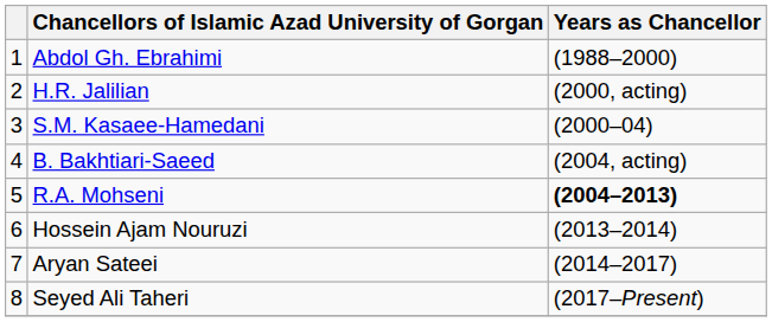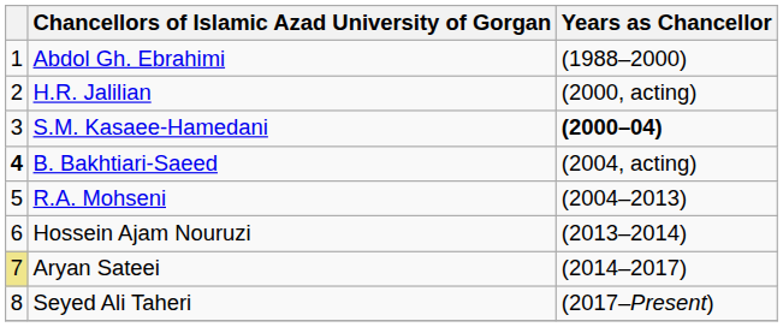 <table class="wikitable">
 <tr>
 <th></th>
 <th>Chancellors of Islamic Azad University of Gorgan</th>
 <th>Years as Chancellor</th>
 </tr>
 <tr>
 <td>1</td>
 <td><a href='#'>Abdol Gh. Ebrahimi</a></td>
 <td>(1988–2000)</td>
 </tr>
 <tr>
 <td>2</td>
 <td><a href='#'>H.R. Jalilian</a></td>
 <td>(2000, acting)</td>
 </tr>
 <tr>
 <td>3</td>
 <td><a href='#'>S.M. Kasaee-Hamedani</a></td>
-<td>(2000–04)</td>
+<td><strong>(2000–04)</strong></td>
 </tr>
 <tr>
-<td>4</td>
+<td><strong>4</strong></td>
 <td><a href='#'>B. Bakhtiari-Saeed</a></td>
 <td>(2004, acting)</td>
 </tr>
 <tr>
 <td>5</td>
 <td><a href='#'>R.A. Mohseni</a></td>
-<td><strong>(2004–2013)</strong></td>
+<td>(2004–2013)</td>
 </tr>
 <tr>
 <td>6</td>
 <td>Hossein Ajam Nouruzi</td>
 <td>(2013–2014)</td>
 </tr>
 <tr>
-<td>7</td>
+<td style="background: khaki;">7</td>
 <td>Aryan Sateei</td>
 <td>(2014–2017)</td>
 </tr>
 <tr>
 <td>8</td>
 <td>Seyed Ali Taheri</td>
 <td>(2017–<em>Present</em>)</td>
 </tr>
 <tr>
 </tr>
 </table>
